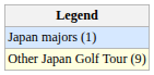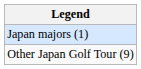 <table class="wikitable" style="font-size:95%;">
 <tr>
 <th>Legend</th>
 </tr>
 <tr style="background:#D6E8FF;">
 <td>Japan majors (1)</td>
 </tr>
 <tr>
-<td style="background: lightyellow;">Other Japan Golf Tour (9)</td>
+<td>Other Japan Golf Tour (9)</td>
 </tr>
 </table>
